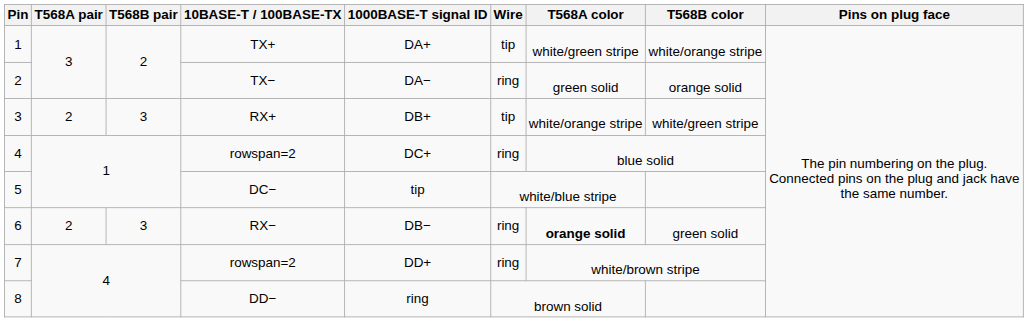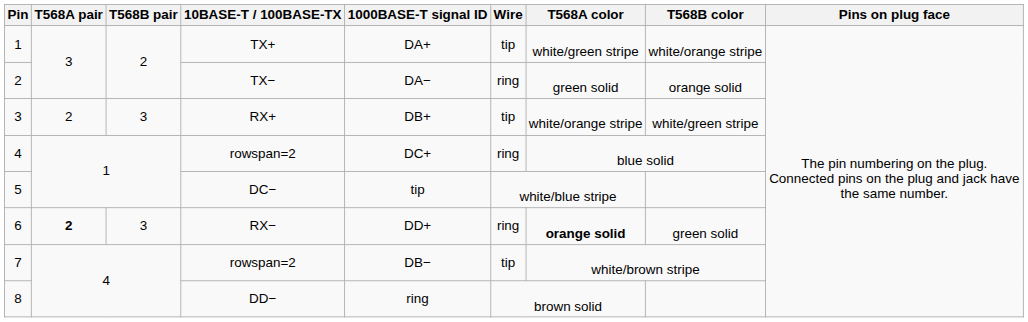 <table class="wikitable" style="text-align: center;">
 <tr>
 <th>Pin</th>
 <th>T568A pair</th>
 <th>T568B pair</th>
 <th>10BASE-T / 100BASE-TX</th>
 <th>1000BASE-T signal ID</th>
 <th>Wire</th>
 <th>T568A color</th>
 <th>T568B color</th>
 <th>Pins on plug face</th>
 </tr>
 <tr>
 <td>1</td>
 <td rowspan=2>3</td>
 <td rowspan=2>2</td>
 <td>TX+</td>
 <td>DA+</td>
 <td>tip</td>
 <td><br> white/green stripe</td>
 <td><br> white/orange stripe</td>
 <td rowspan=8 width=300px><br>The pin numbering on the plug. Connected pins on the plug and jack have the same number.</td>
 </tr>
 <tr>
 <td>2</td>
 <td>TX−</td>
 <td>DA−</td>
 <td>ring</td>
 <td><br> green solid</td>
 <td><br> orange solid</td>
 </tr>
 <tr>
 <td>3</td>
 <td>2</td>
 <td>3</td>
 <td>RX+</td>
 <td>DB+</td>
 <td>tip</td>
 <td><br> white/orange stripe</td>
 <td><br> white/green stripe</td>
 </tr>
 <tr>
 <td>4</td>
 <td rowspan=2 colspan=2>1</td>
 <td>rowspan=2  </td>
 <td>DC+</td>
 <td>ring</td>
 <td colspan=2><br> blue solid</td>
 </tr>
 <tr>
 <td>5</td>
 <td>DC−</td>
 <td>tip</td>
 <td colspan=2><br> white/blue stripe</td>
 </tr>
 <tr>
 <td>6</td>
-<td>2</td>
+<td><strong>2</strong></td>
 <td>3</td>
 <td>RX−</td>
-<td>DB−</td>
+<td>DD+</td>
 <td>ring</td>
 <td><strong><br> orange solid</strong></td>
 <td><br> green solid</td>
 </tr>
 <tr>
 <td>7</td>
 <td rowspan=2 colspan=2>4</td>
 <td>rowspan=2 </td>
-<td>DD+</td>
-<td>ring</td>
+<td>DB−</td>
+<td>tip</td>
 <td colspan=2><br> white/brown stripe</td>
 </tr>
 <tr>
 <td>8</td>
 <td>DD−</td>
 <td>ring</td>
 <td colspan=2><br> brown solid</td>
 </tr>
 </table>
